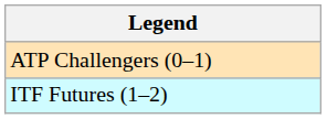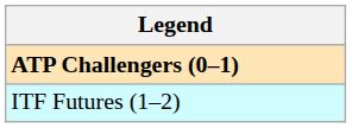 <table class="wikitable" style=font-size:90%>
 <tr>
 <th width=200>Legend</th>
 </tr>
 <tr style="background:moccasin;">
-<td width=200>ATP Challengers (0–1)</td>
+<td width=200><strong>ATP Challengers (0–1)</strong></td>
 </tr>
 <tr style="background:#cffcff;">
 <td width=200>ITF Futures (1–2)</td>
 </tr>
 </table>
